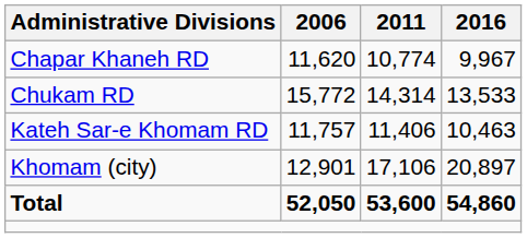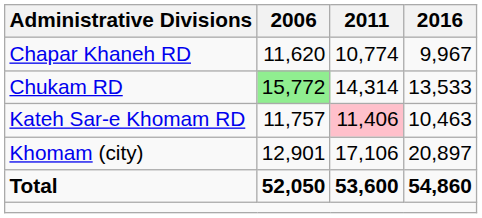 <table class="wikitable">
 <tr>
 <th>Administrative Divisions</th>
 <th>2006</th>
 <th>2011</th>
 <th>2016</th>
 </tr>
 <tr>
 <td><a href='#'>Chapar Khaneh RD</a></td>
 <td style="text-align: right;">11,620</td>
 <td style="text-align: right;">10,774</td>
 <td style="text-align: right;">9,967</td>
 </tr>
 <tr>
 <td><a href='#'>Chukam RD</a></td>
-<td style="text-align: right;">15,772</td>
+<td style="background: lightgreen; text-align: right;">15,772</td>
 <td style="text-align: right;">14,314</td>
 <td style="text-align: right;">13,533</td>
 </tr>
 <tr>
 <td><a href='#'>Kateh Sar-e Khomam RD</a></td>
 <td style="text-align: right;">11,757</td>
-<td style="text-align: right;">11,406</td>
+<td style="background: pink; text-align: right;">11,406</td>
 <td style="text-align: right;">10,463</td>
 </tr>
 <tr>
 <td><a href='#'>Khomam</a> (city)</td>
 <td style="text-align: right;">12,901</td>
 <td style="text-align: right;">17,106</td>
 <td style="text-align: right;">20,897</td>
 </tr>
 <tr>
 <td><strong>Total</strong></td>
 <td style="text-align: right;"><strong>52,050</strong></td>
 <td style="text-align: right;"><strong>53,600</strong></td>
 <td style="text-align: right;"><strong>54,860</strong></td>
 </tr>
 <tr>
 <td colspan=4></td>
 </tr>
 </table>
